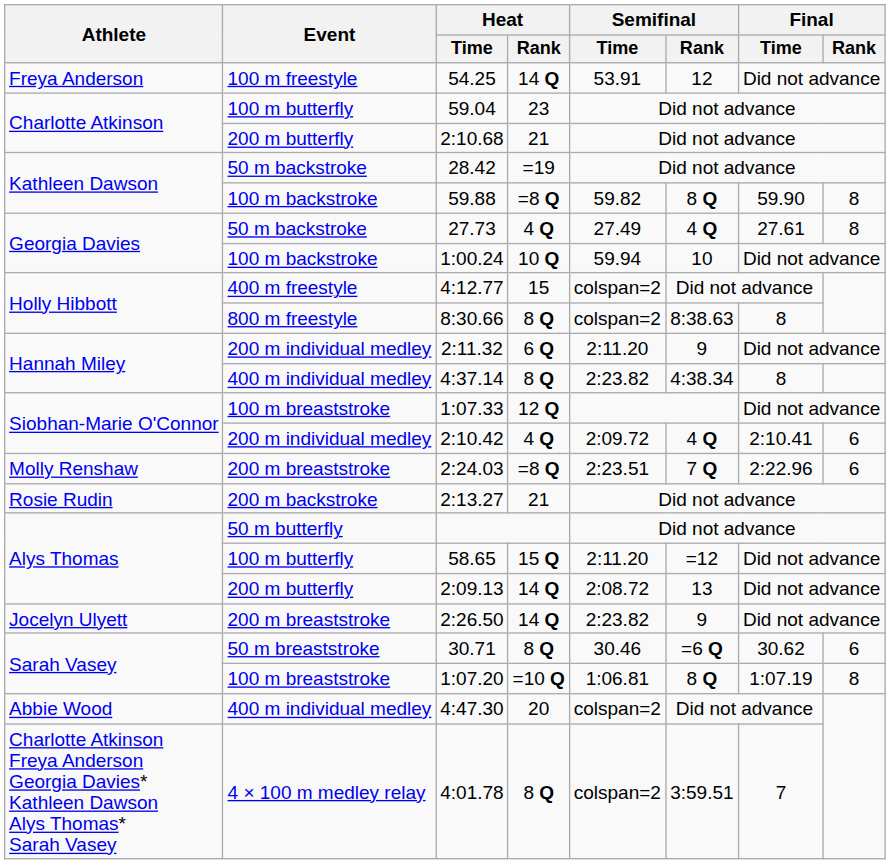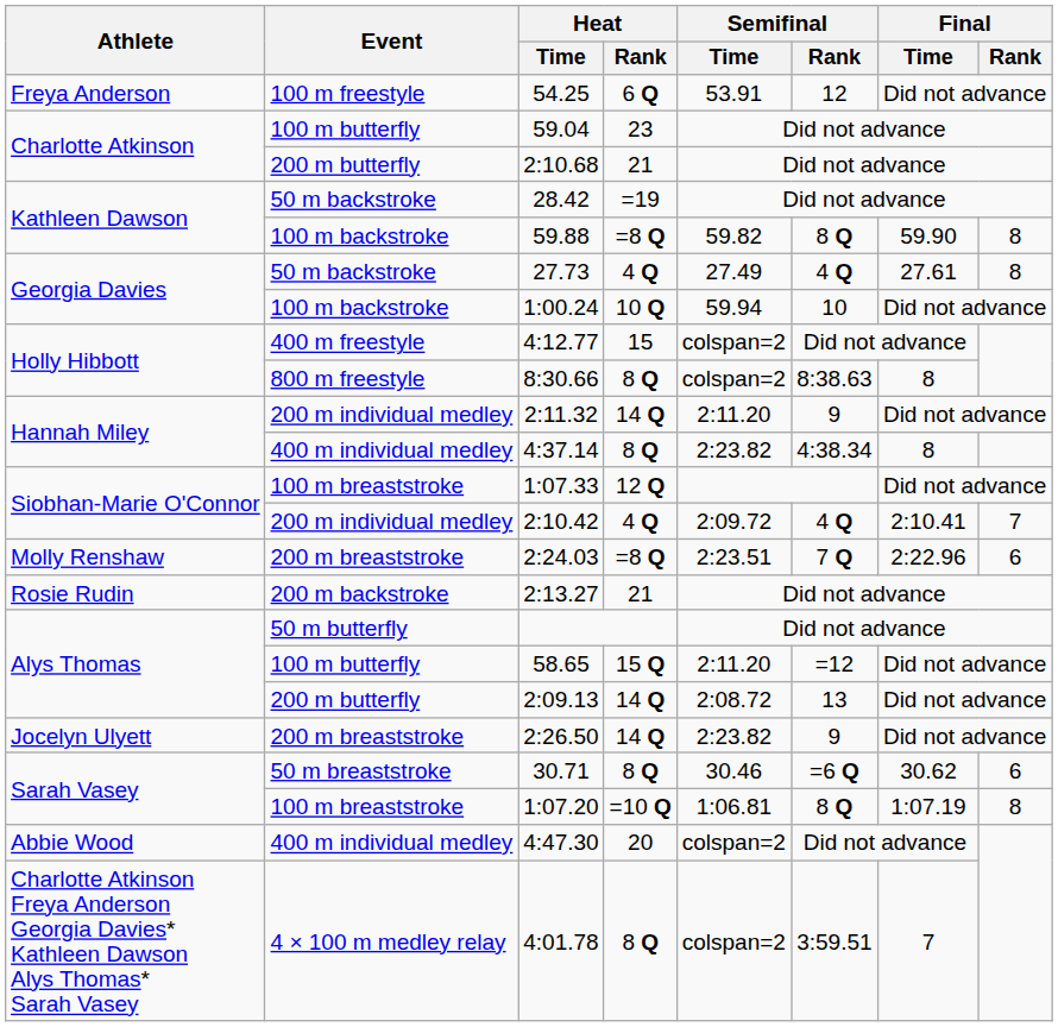 <table class=wikitable style="font-size:90%">
 <tr>
 <th rowspan="2">Athlete</th>
 <th rowspan="2">Event</th>
 <th colspan="2">Heat</th>
 <th colspan="2">Semifinal</th>
 <th colspan="2">Final</th>
 </tr>
 <tr style="font-size:95%">
 <th>Time</th>
 <th>Rank</th>
 <th>Time</th>
 <th>Rank</th>
 <th>Time</th>
 <th>Rank</th>
 </tr>
 <tr align=center>
 <td align=left><a href='#'>Freya Anderson</a></td>
 <td align=left><a href='#'>100 m freestyle</a></td>
 <td>54.25</td>
-<td>14 <strong>Q</strong></td>
+<td>6 <strong>Q</strong></td>
 <td>53.91</td>
 <td>12</td>
 <td colspan=2>Did not advance</td>
 </tr>
 <tr align=center>
 <td align=left rowspan=2><a href='#'>Charlotte Atkinson</a></td>
 <td align=left><a href='#'>100 m butterfly</a></td>
 <td>59.04</td>
 <td>23</td>
 <td colspan=4>Did not advance</td>
 </tr>
 <tr align=center>
 <td align=left><a href='#'>200 m butterfly</a></td>
 <td>2:10.68</td>
 <td>21</td>
 <td colspan=4>Did not advance</td>
 </tr>
 <tr align=center>
 <td align=left rowspan=2><a href='#'>Kathleen Dawson</a></td>
 <td align=left><a href='#'>50 m backstroke</a></td>
 <td>28.42</td>
 <td>=19</td>
 <td colspan=4>Did not advance</td>
 </tr>
 <tr align=center>
 <td align=left><a href='#'>100 m backstroke</a></td>
 <td>59.88</td>
 <td>=8 <strong>Q</strong></td>
 <td>59.82</td>
 <td>8 <strong>Q</strong></td>
 <td>59.90</td>
 <td>8</td>
 </tr>
 <tr align=center>
 <td align=left rowspan=2><a href='#'>Georgia Davies</a></td>
 <td align=left><a href='#'>50 m backstroke</a></td>
 <td>27.73</td>
 <td>4 <strong>Q</strong></td>
 <td>27.49</td>
 <td>4 <strong>Q</strong></td>
 <td>27.61</td>
 <td>8</td>
 </tr>
 <tr align=center>
 <td align=left><a href='#'>100 m backstroke</a></td>
 <td>1:00.24</td>
 <td>10 <strong>Q</strong></td>
 <td>59.94</td>
 <td>10</td>
 <td colspan=2>Did not advance</td>
 </tr>
 <tr align=center>
 <td align=left rowspan=2><a href='#'>Holly Hibbott</a></td>
 <td align=left><a href='#'>400 m freestyle</a></td>
 <td>4:12.77</td>
 <td>15</td>
 <td>colspan=2 </td>
 <td colspan=2>Did not advance</td>
 </tr>
 <tr align=center>
 <td align=left><a href='#'>800 m freestyle</a></td>
 <td>8:30.66</td>
 <td>8 <strong>Q</strong></td>
 <td>colspan=2 </td>
 <td>8:38.63</td>
 <td>8</td>
 </tr>
 <tr align=center>
 <td align=left rowspan=2><a href='#'>Hannah Miley</a></td>
 <td align=left><a href='#'>200 m individual medley</a></td>
 <td>2:11.32</td>
-<td>6 <strong>Q</strong></td>
+<td>14 <strong>Q</strong></td>
 <td>2:11.20</td>
 <td>9</td>
 <td colspan=2>Did not advance</td>
 </tr>
 <tr align=center>
 <td align=left><a href='#'>400 m individual medley</a></td>
 <td>4:37.14</td>
 <td>8 <strong>Q</strong></td>
 <td>2:23.82</td>
 <td>4:38.34</td>
 <td>8</td>
 </tr>
 <tr align=center>
 <td align=left rowspan=2><a href='#'>Siobhan-Marie O'Connor</a></td>
 <td align=left><a href='#'>100 m breaststroke</a></td>
 <td>1:07.33</td>
 <td>12 <strong>Q</strong></td>
 <td colspan=2></td>
 <td colspan=2>Did not advance</td>
 </tr>
 <tr align=center>
 <td align=left><a href='#'>200 m individual medley</a></td>
 <td>2:10.42</td>
 <td>4 <strong>Q</strong></td>
 <td>2:09.72</td>
 <td>4 <strong>Q</strong></td>
 <td>2:10.41</td>
-<td>6</td>
+<td>7</td>
 </tr>
 <tr align=center>
 <td align=left><a href='#'>Molly Renshaw</a></td>
 <td align=left><a href='#'>200 m breaststroke</a></td>
 <td>2:24.03</td>
 <td>=8 <strong>Q</strong></td>
 <td>2:23.51</td>
 <td>7 <strong>Q</strong></td>
 <td>2:22.96</td>
 <td>6</td>
 </tr>
 <tr align=center>
 <td align=left><a href='#'>Rosie Rudin</a></td>
 <td align=left><a href='#'>200 m backstroke</a></td>
 <td>2:13.27</td>
 <td>21</td>
 <td colspan=4>Did not advance</td>
 </tr>
 <tr align=center>
 <td align=left rowspan=3><a href='#'>Alys Thomas</a></td>
 <td align=left><a href='#'>50 m butterfly</a></td>
 <td colspan=2></td>
 <td colspan=4>Did not advance</td>
 </tr>
 <tr align=center>
 <td align=left><a href='#'>100 m butterfly</a></td>
 <td>58.65</td>
 <td>15 <strong>Q</strong></td>
 <td>2:11.20</td>
 <td>=12</td>
 <td colspan=2>Did not advance</td>
 </tr>
 <tr align=center>
 <td align=left><a href='#'>200 m butterfly</a></td>
 <td>2:09.13</td>
 <td>14 <strong>Q</strong></td>
 <td>2:08.72</td>
 <td>13</td>
 <td colspan=2>Did not advance</td>
 </tr>
 <tr align=center>
 <td align=left><a href='#'>Jocelyn Ulyett</a></td>
 <td align=left><a href='#'>200 m breaststroke</a></td>
 <td>2:26.50</td>
 <td>14 <strong>Q</strong></td>
 <td>2:23.82</td>
 <td>9</td>
 <td colspan=2>Did not advance</td>
 </tr>
 <tr align=center>
 <td align=left rowspan=2><a href='#'>Sarah Vasey</a></td>
 <td align=left><a href='#'>50 m breaststroke</a></td>
 <td>30.71</td>
 <td>8 <strong>Q</strong></td>
 <td>30.46</td>
 <td>=6 <strong>Q</strong></td>
 <td>30.62</td>
 <td>6</td>
 </tr>
 <tr align=center>
 <td align=left><a href='#'>100 m breaststroke</a></td>
 <td>1:07.20</td>
 <td>=10 <strong>Q</strong></td>
 <td>1:06.81</td>
 <td>8 <strong>Q</strong></td>
 <td>1:07.19</td>
 <td>8</td>
 </tr>
 <tr align=center>
 <td align=left><a href='#'>Abbie Wood</a></td>
 <td align=left><a href='#'>400 m individual medley</a></td>
 <td>4:47.30</td>
 <td>20</td>
 <td>colspan=2 </td>
 <td colspan=2>Did not advance</td>
 </tr>
 <tr align=center>
 <td align=left><a href='#'>Charlotte Atkinson</a><br><a href='#'>Freya Anderson</a><br><a href='#'>Georgia Davies</a>*<br><a href='#'>Kathleen Dawson</a><br><a href='#'>Alys Thomas</a>*<br><a href='#'>Sarah Vasey</a></td>
 <td align=left><a href='#'>4 × 100 m medley relay</a></td>
 <td>4:01.78</td>
 <td>8 <strong>Q</strong></td>
 <td>colspan=2 </td>
 <td>3:59.51</td>
 <td>7</td>
 </tr>
 </table>
